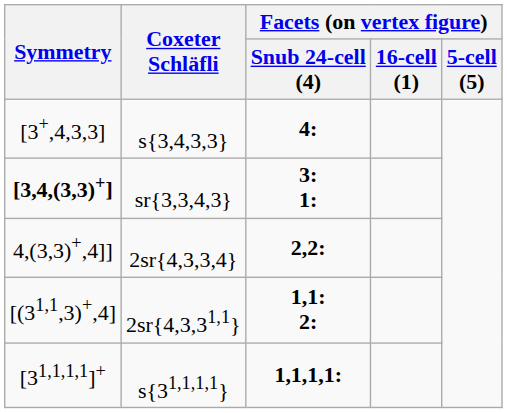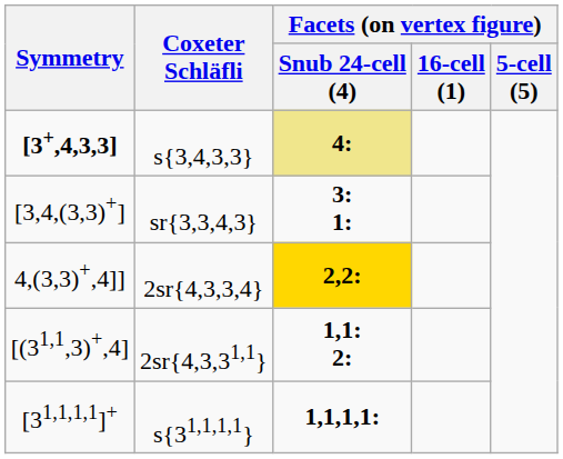 <table class='wikitable'>
 <tr>
 <th rowspan=2><a href='#'>Symmetry</a></th>
 <th rowspan=2><a href='#'>Coxeter</a><br><a href='#'>Schläfli</a></th>
 <th colspan=3><a href='#'>Facets</a> (on <a href='#'>vertex figure</a>)</th>
 </tr>
 <tr>
 <th><a href='#'>Snub 24-cell</a><br>(4)</th>
 <th><a href='#'>16-cell</a><br>(1)</th>
 <th><a href='#'>5-cell</a><br>(5)</th>
 </tr>
 <tr align=center>
-<td>[3<sup>+</sup>,4,3,3]</td>
+<td><strong>[3<sup>+</sup>,4,3,3]</strong></td>
 <td><br>s{3,4,3,3}</td>
-<td><strong>4:</strong> </td>
+<td style="background: khaki;"><strong>4:</strong> </td>
 <td></td>
 <td rowspan=5></td>
 </tr>
 <tr align=center>
-<td><strong>[3,4,(3,3)<sup>+</sup>]</strong></td>
+<td>[3,4,(3,3)<sup>+</sup>]</td>
 <td><br>sr{3,3,4,3}</td>
 <td><strong>3:</strong> <br><strong>1:</strong> </td>
 <td></td>
 </tr>
 <tr align=center>
 <td>4,(3,3)<sup>+</sup>,4]]</td>
 <td><br>2sr{4,3,3,4}</td>
-<td><strong>2,2:</strong> </td>
+<td style="background: gold;"><strong>2,2:</strong> </td>
 <td></td>
 </tr>
 <tr align=center>
 <td>[(3<sup>1,1</sup>,3)<sup>+</sup>,4]</td>
 <td><br>2sr{4,3,3<sup>1,1</sup>}</td>
 <td><strong>1,1:</strong> <br><strong>2:</strong> </td>
 <td></td>
 </tr>
 <tr align=center>
 <td>[3<sup>1,1,1,1</sup>]<sup>+</sup></td>
 <td><br>s{3<sup>1,1,1,1</sup>}</td>
 <td><strong>1,1,1,1:</strong><br></td>
 <td></td>
 </tr>
 </table>
